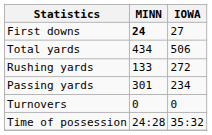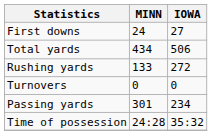 <table class="wikitable">
 <tr>
 <th>Statistics</th>
 <th>MINN</th>
 <th>IOWA</th>
 </tr>
 <tr>
 <td>First downs</td>
-<td><strong>24</strong></td>
+<td>24</td>
 <td>27</td>
 </tr>
 <tr>
 <td>Total yards</td>
 <td>434</td>
 <td>506</td>
 </tr>
 <tr>
 <td>Rushing yards</td>
 <td>133</td>
 <td>272</td>
 </tr>
 <tr>
+<td>Turnovers</td>
+<td>0</td>
+<td>0</td>
+</tr>
+<tr>
 <td>Passing yards</td>
 <td>301</td>
 <td>234</td>
-</tr>
-<tr>
-<td>Turnovers</td>
-<td>0</td>
-<td>0</td>
 </tr>
 <tr>
 <td>Time of possession</td>
 <td>24:28</td>
 <td>35:32</td>
 </tr>
 <tr>
 </tr>
 </table>
